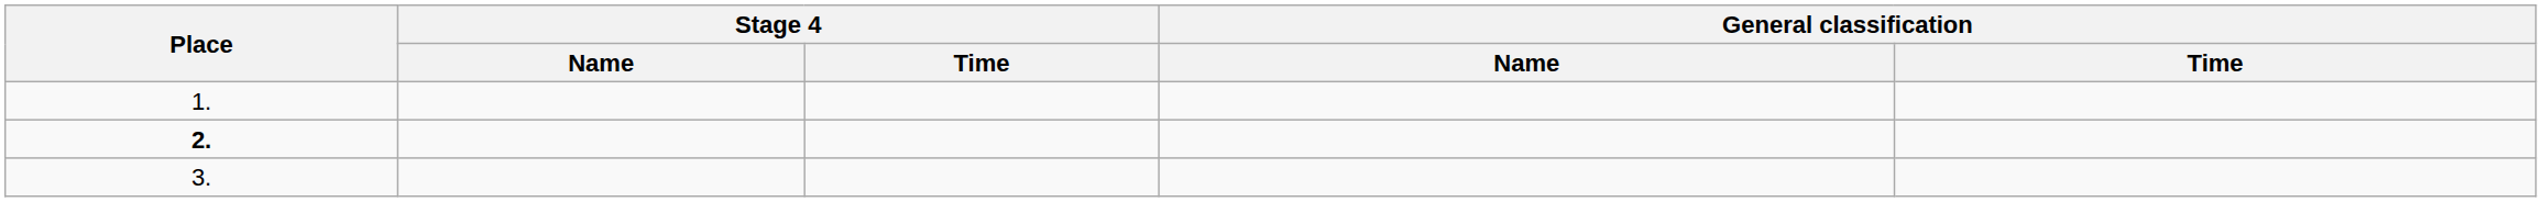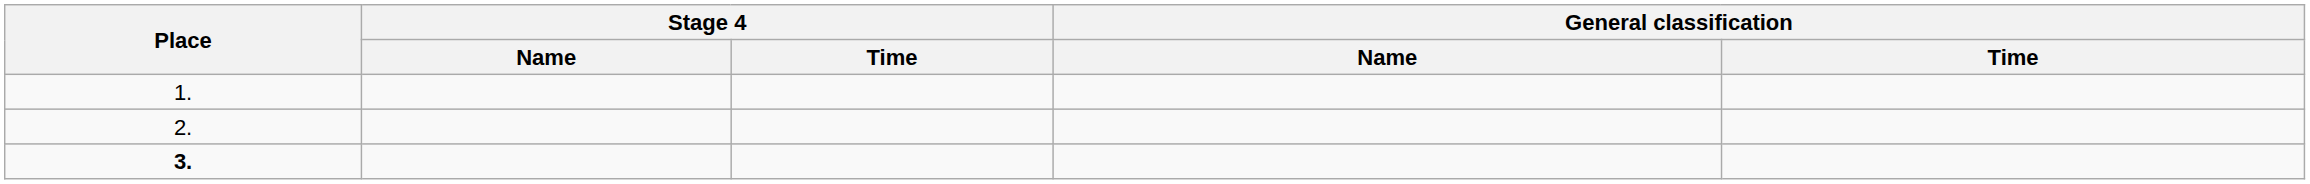 <table class=wikitable style="font-size:95%" width="80%">
 <tr>
 <th rowspan="2">Place</th>
 <th colspan="2">Stage 4</th>
 <th colspan="2">General classification</th>
 </tr>
 <tr>
 <th>Name</th>
 <th>Time</th>
 <th>Name</th>
 <th>Time</th>
 </tr>
 <tr>
 <td align="center">1.</td>
 <td></td>
 <td></td>
 <td></td>
 <td></td>
 </tr>
 <tr>
-<td align="center"><strong>2.</strong></td>
+<td align="center">2.</td>
 <td></td>
 <td></td>
 <td></td>
 <td></td>
 </tr>
 <tr>
-<td align="center">3.</td>
+<td align="center"><strong>3.</strong></td>
 <td></td>
 <td></td>
 <td></td>
 <td></td>
 </tr>
 </table>
